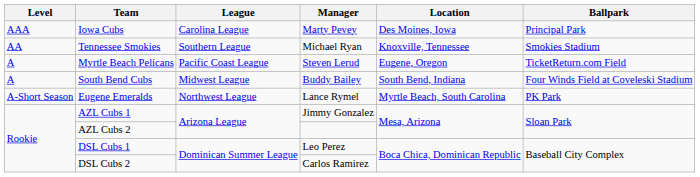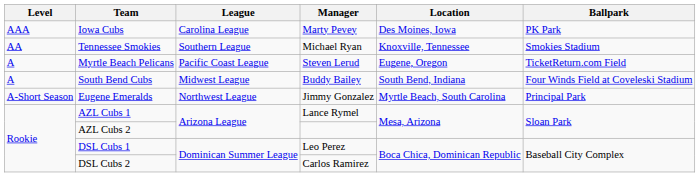 <table class="wikitable">
 <tr>
 <th style="text-align:center; ">Level</th>
 <th style="text-align:center; ">Team</th>
 <th style="text-align:center; ">League</th>
 <th style="text-align:center; ">Manager</th>
 <th style="text-align:center; ">Location</th>
 <th style="text-align:center; ">Ballpark</th>
 </tr>
 <tr>
 <td><a href='#'>AAA</a></td>
 <td><a href='#'>Iowa Cubs</a></td>
 <td><a href='#'>Carolina League</a></td>
 <td><a href='#'>Marty Pevey</a></td>
 <td><a href='#'>Des Moines, Iowa</a></td>
-<td><a href='#'>Principal Park</a></td>
+<td><a href='#'>PK Park</a></td>
 </tr>
 <tr>
 <td><a href='#'>AA</a></td>
 <td><a href='#'>Tennessee Smokies</a></td>
 <td><a href='#'>Southern League</a></td>
 <td>Michael Ryan</td>
 <td><a href='#'>Knoxville, Tennessee</a></td>
 <td><a href='#'>Smokies Stadium</a></td>
 </tr>
 <tr>
 <td><a href='#'>A</a></td>
 <td><a href='#'>Myrtle Beach Pelicans</a></td>
 <td><a href='#'>Pacific Coast League</a></td>
 <td><a href='#'>Steven Lerud</a></td>
 <td><a href='#'>Eugene, Oregon</a></td>
 <td><a href='#'>TicketReturn.com Field</a></td>
 </tr>
 <tr>
 <td><a href='#'>A</a></td>
 <td><a href='#'>South Bend Cubs</a></td>
 <td><a href='#'>Midwest League</a></td>
 <td><a href='#'>Buddy Bailey</a></td>
 <td><a href='#'>South Bend, Indiana</a></td>
 <td><a href='#'>Four Winds Field at Coveleski Stadium</a></td>
 </tr>
 <tr>
 <td><a href='#'>A-Short Season</a></td>
 <td><a href='#'>Eugene Emeralds</a></td>
 <td><a href='#'>Northwest League</a></td>
-<td>Lance Rymel</td>
+<td>Jimmy Gonzalez</td>
 <td><a href='#'>Myrtle Beach, South Carolina</a></td>
-<td><a href='#'>PK Park</a></td>
+<td><a href='#'>Principal Park</a></td>
 </tr>
 <tr>
 <td rowspan=4><a href='#'>Rookie</a></td>
 <td><a href='#'>AZL Cubs 1</a></td>
 <td rowspan=2><a href='#'>Arizona League</a></td>
-<td>Jimmy Gonzalez</td>
+<td>Lance Rymel</td>
 <td rowspan=2><a href='#'>Mesa, Arizona</a></td>
 <td rowspan=2><a href='#'>Sloan Park</a></td>
 </tr>
 <tr>
 <td>AZL Cubs 2</td>
 <td></td>
 </tr>
 <tr>
 <td><a href='#'>DSL Cubs 1</a></td>
 <td rowspan=2><a href='#'>Dominican Summer League</a></td>
 <td>Leo Perez</td>
 <td rowspan=2><a href='#'>Boca Chica, Dominican Republic</a></td>
 <td rowspan=2>Baseball City Complex</td>
 </tr>
 <tr>
 <td>DSL Cubs 2</td>
 <td>Carlos Ramirez</td>
 </tr>
 </table>
